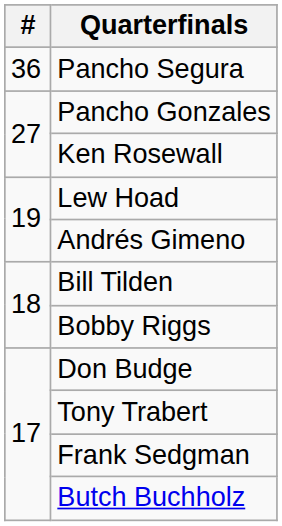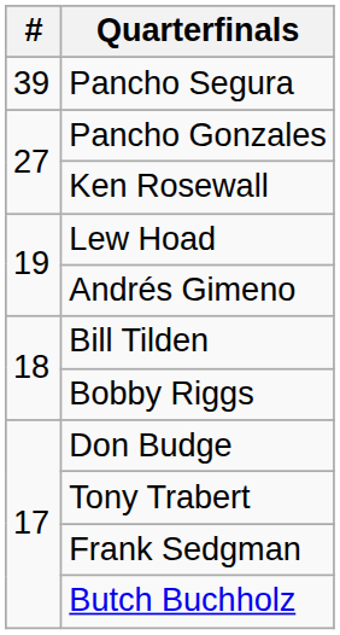 <table class=wikitable style="display:inline-table;">
 <tr>
 <th width=20>#</th>
 <th>Quarterfinals</th>
 </tr>
 <tr>
-<td>36</td>
+<td>39</td>
 <td> Pancho Segura</td>
 </tr>
 <tr>
 <td rowspan="2">27</td>
 <td> Pancho Gonzales</td>
 </tr>
 <tr>
 <td> Ken Rosewall</td>
 </tr>
 <tr>
 <td rowspan="2">19</td>
 <td> Lew Hoad</td>
 </tr>
 <tr>
 <td> Andrés Gimeno</td>
 </tr>
 <tr>
 <td rowspan="2">18</td>
 <td> Bill Tilden</td>
 </tr>
 <tr>
 <td> Bobby Riggs</td>
 </tr>
 <tr>
 <td rowspan="4">17</td>
 <td> Don Budge</td>
 </tr>
 <tr>
 <td> Tony Trabert</td>
 </tr>
 <tr>
 <td> Frank Sedgman</td>
 </tr>
 <tr>
 <td> <a href='#'>Butch Buchholz</a></td>
 </tr>
 </table>
